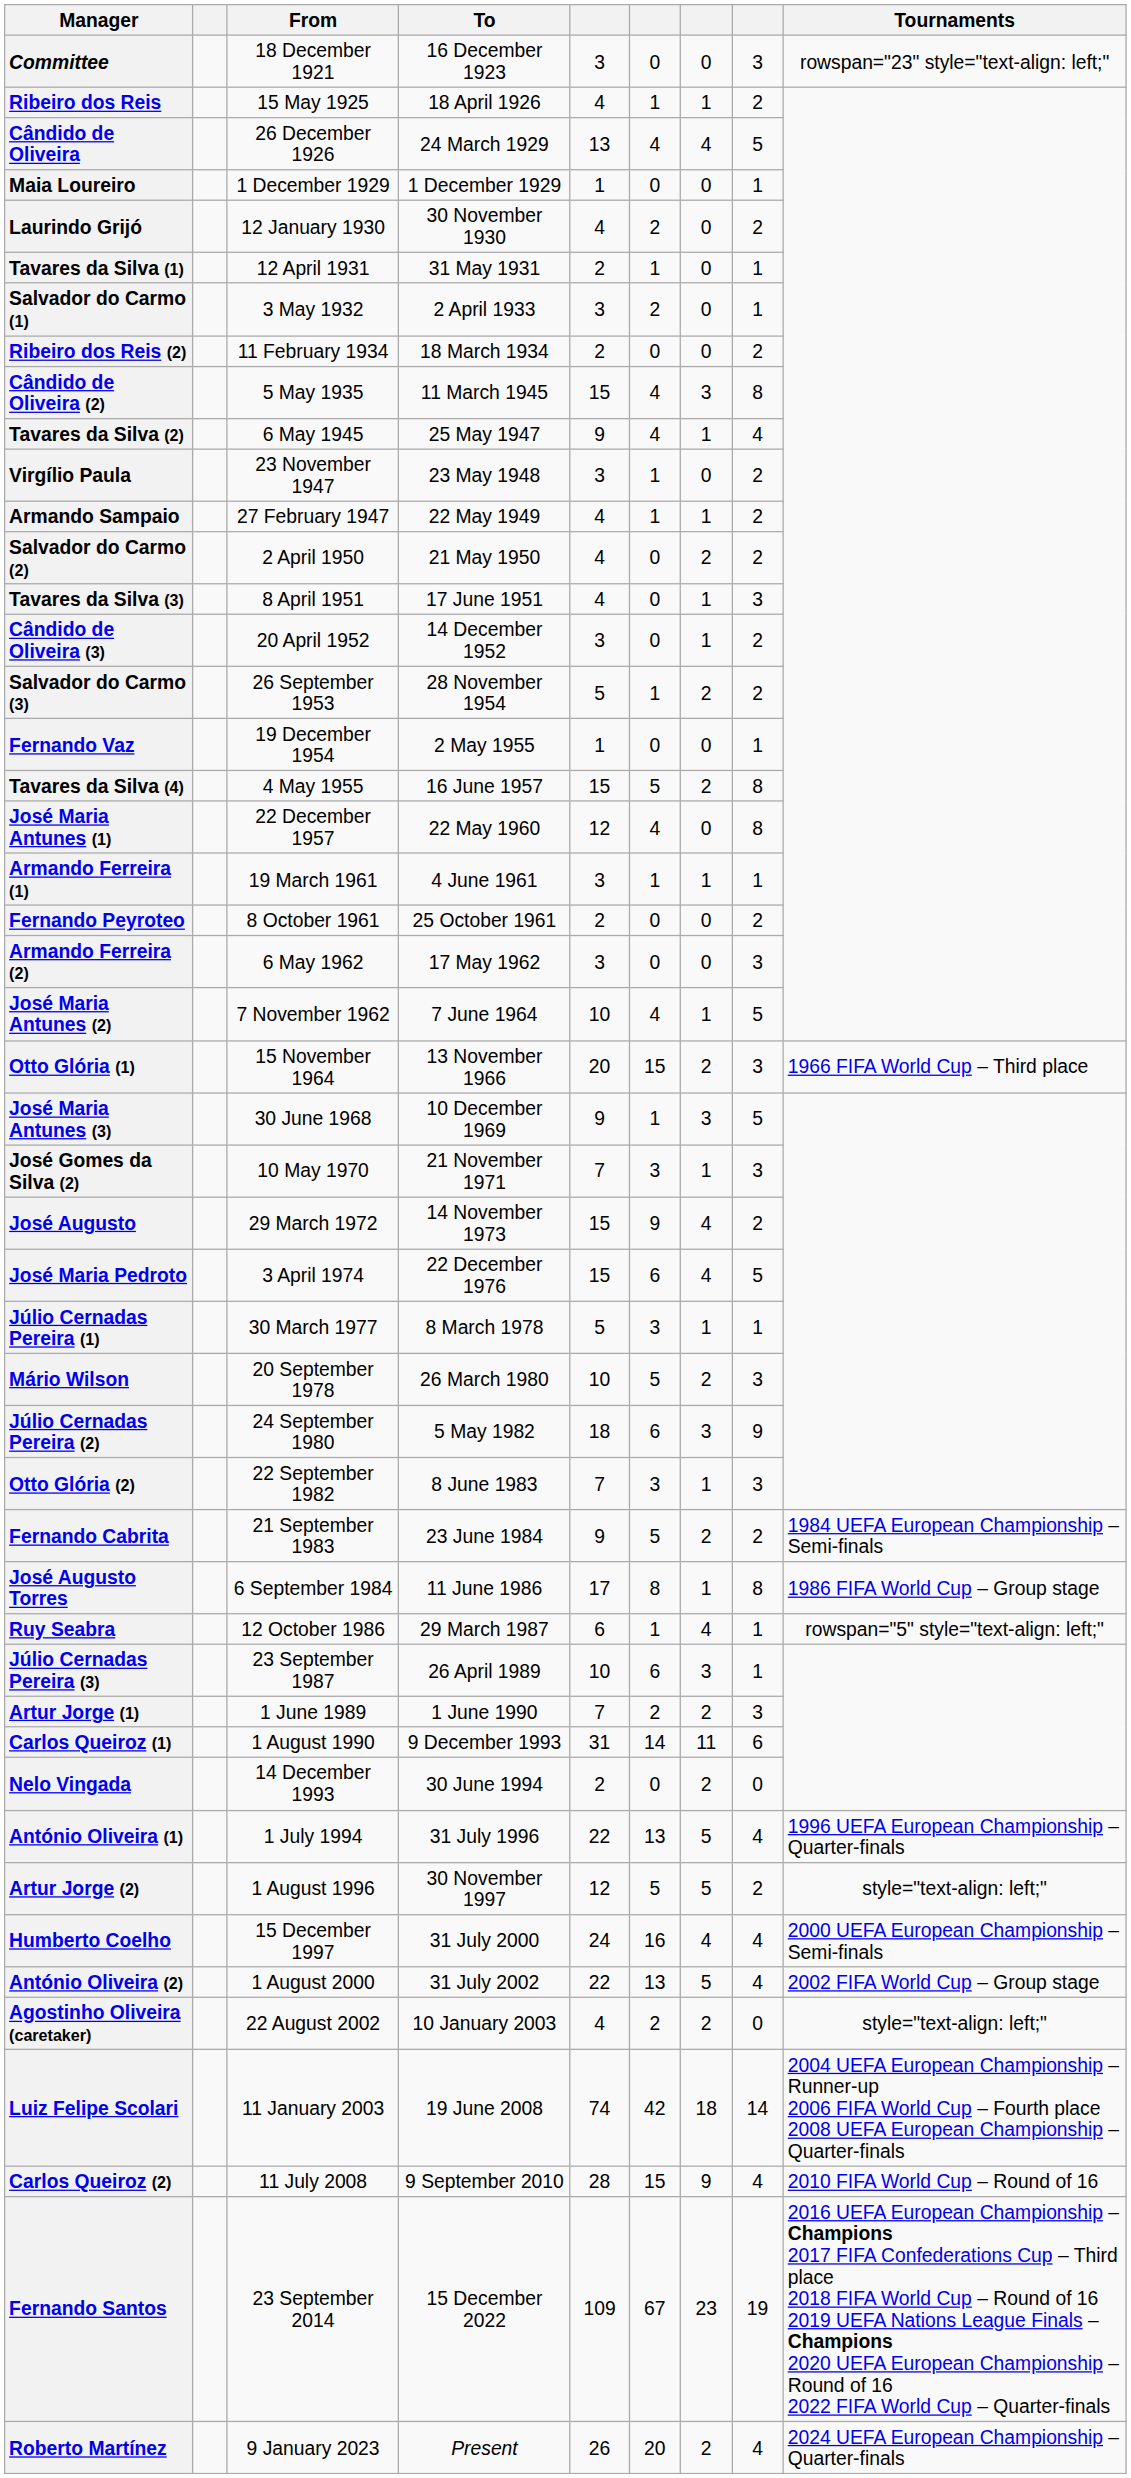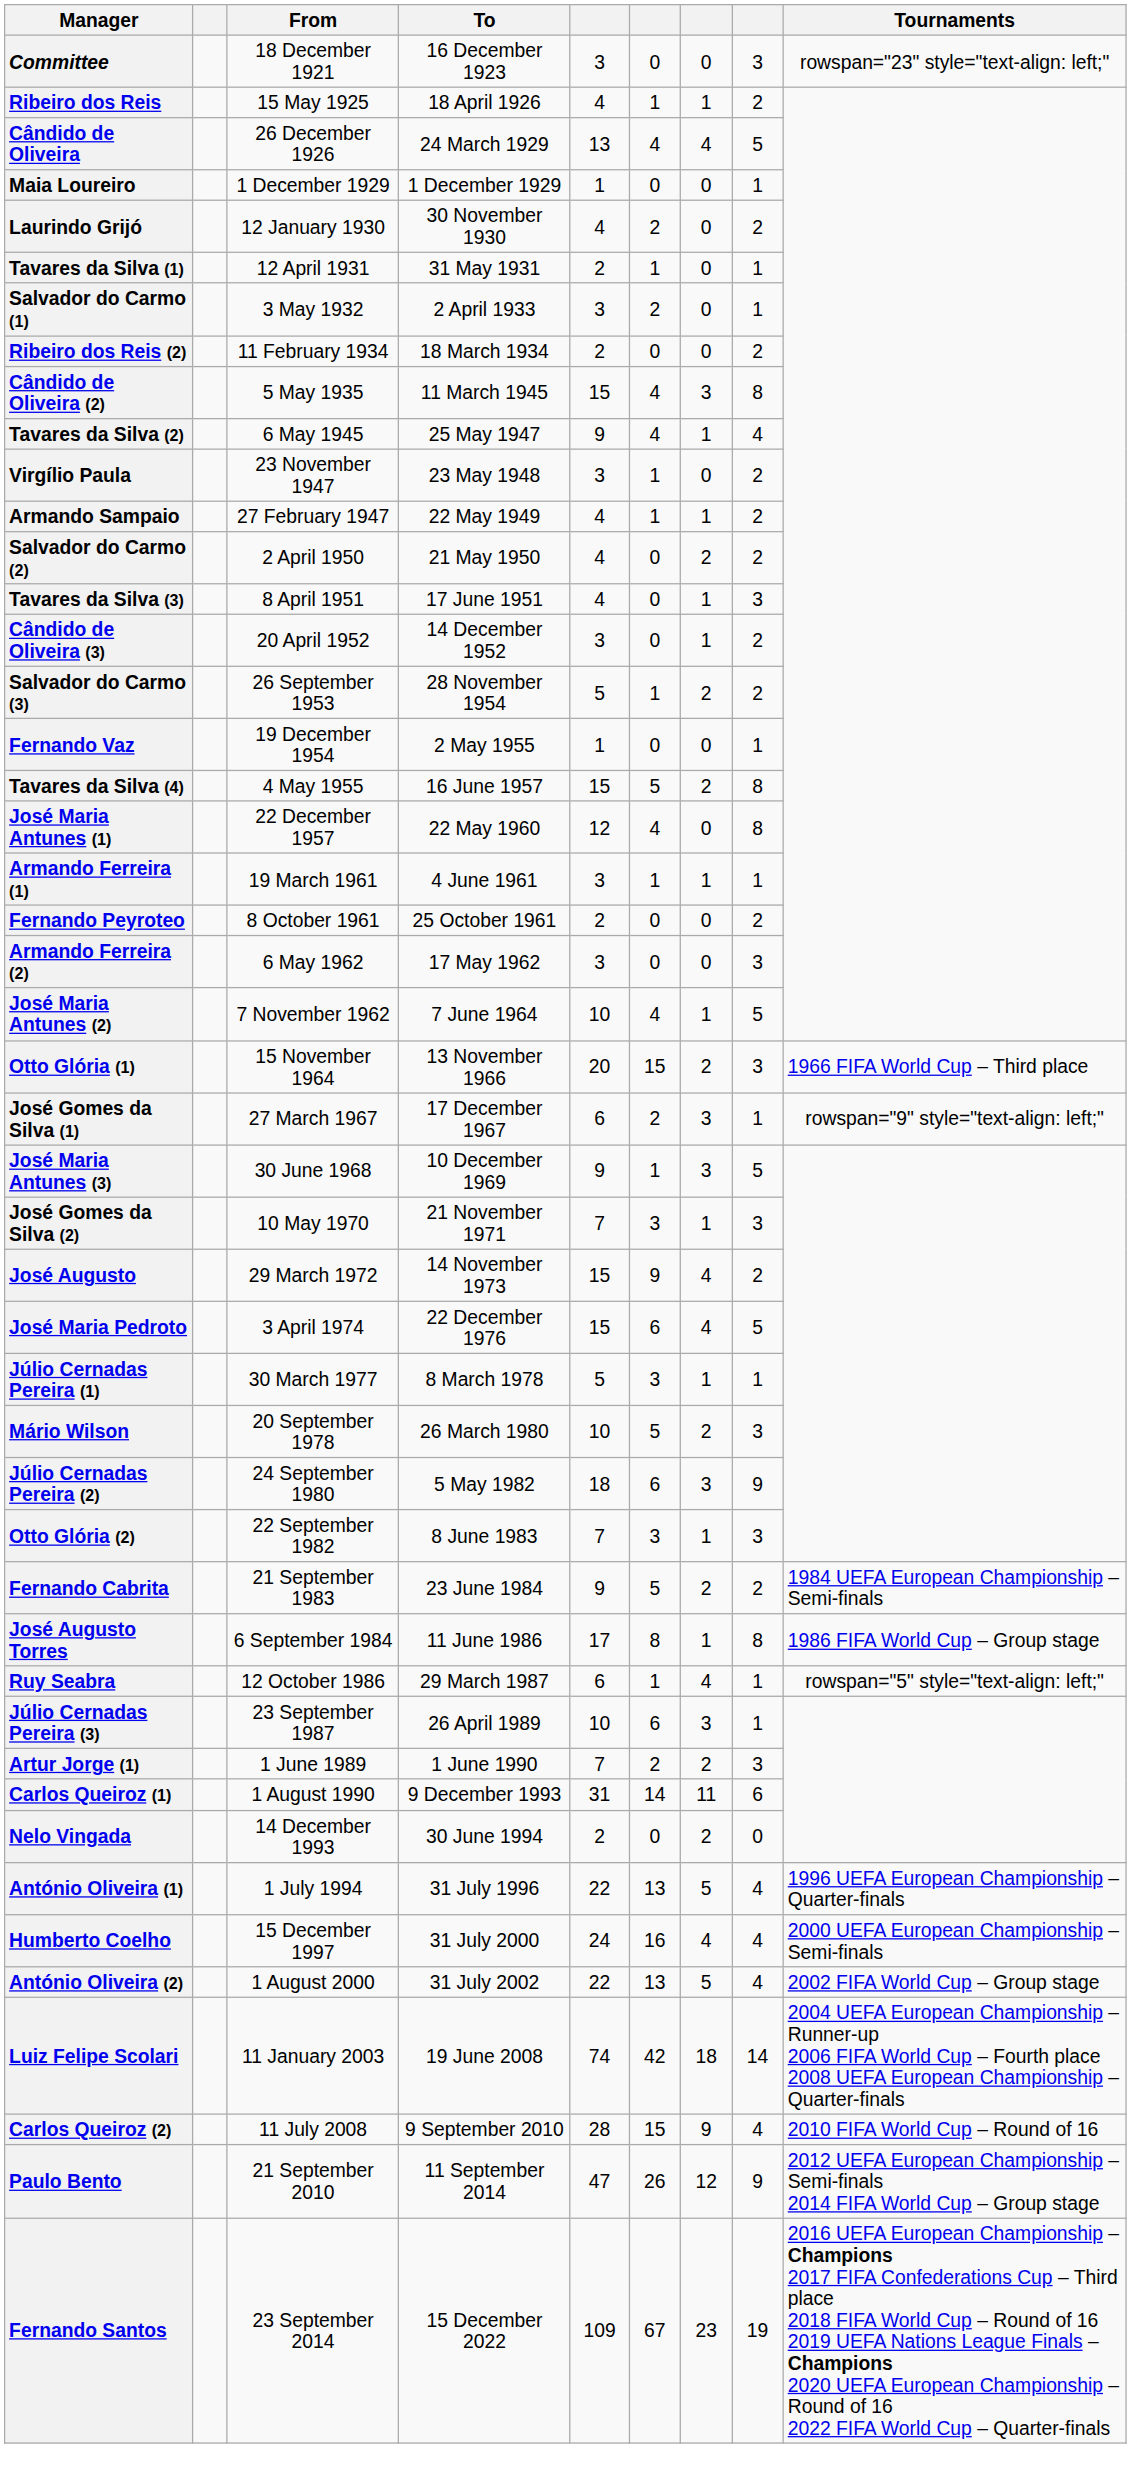 <table class="wikitable plainrowheaders" style="font-size:95%; text-align:center;" width="100%" "class="wikitable">
 <tr>
 <th width="11%">Manager</th>
 <th width="2%"></th>
 <th width="10%">From</th>
 <th width="10%">To</th>
 <th width="3%"></th>
 <th width="3%"></th>
 <th width="3%"></th>
 <th width="3%"></th>
 <th width="20%">Tournaments</th>
 </tr>
 <tr>
 <th scope="row" style="text-align: left;"><em>Committee</em></th>
 <td></td>
 <td>18 December 1921</td>
 <td>16 December 1923</td>
 <td>3</td>
 <td>0</td>
 <td>0</td>
 <td>3</td>
 <td>rowspan="23" style="text-align: left;" </td>
 </tr>
 <tr>
 <th scope="row" style="text-align: left;"><a href='#'>Ribeiro dos Reis</a></th>
 <td></td>
 <td>15 May 1925</td>
 <td>18 April 1926</td>
 <td>4</td>
 <td>1</td>
 <td>1</td>
 <td>2</td>
 </tr>
 <tr>
 <th scope="row" style="text-align: left;"><a href='#'>Cândido de Oliveira</a></th>
 <td></td>
 <td>26 December 1926</td>
 <td>24 March 1929</td>
 <td>13</td>
 <td>4</td>
 <td>4</td>
 <td>5</td>
 </tr>
 <tr>
 <th scope="row" style="text-align: left;">Maia Loureiro</th>
 <td></td>
 <td>1 December 1929</td>
 <td>1 December 1929</td>
 <td>1</td>
 <td>0</td>
 <td>0</td>
 <td>1</td>
 </tr>
 <tr>
 <th scope="row" style="text-align: left;">Laurindo Grijó</th>
 <td></td>
 <td>12 January 1930</td>
 <td>30 November 1930</td>
 <td>4</td>
 <td>2</td>
 <td>0</td>
 <td>2</td>
 </tr>
 <tr>
 <th scope="row" style="text-align: left;">Tavares da Silva <small>(1)</small></th>
 <td></td>
 <td>12 April 1931</td>
 <td>31 May 1931</td>
 <td>2</td>
 <td>1</td>
 <td>0</td>
 <td>1</td>
 </tr>
 <tr>
 <th scope="row" style="text-align: left;">Salvador do Carmo <small>(1)</small></th>
 <td></td>
 <td>3 May 1932</td>
 <td>2 April 1933</td>
 <td>3</td>
 <td>2</td>
 <td>0</td>
 <td>1</td>
 </tr>
 <tr>
 <th scope="row" style="text-align: left;"><a href='#'>Ribeiro dos Reis</a> <small>(2)</small></th>
 <td></td>
 <td>11 February 1934</td>
 <td>18 March 1934</td>
 <td>2</td>
 <td>0</td>
 <td>0</td>
 <td>2</td>
 </tr>
 <tr>
 <th scope="row" style="text-align: left;"><a href='#'>Cândido de Oliveira</a> <small>(2)</small></th>
 <td></td>
 <td>5 May 1935</td>
 <td>11 March 1945</td>
 <td>15</td>
 <td>4</td>
 <td>3</td>
 <td>8</td>
 </tr>
 <tr>
 <th scope="row" style="text-align: left;">Tavares da Silva <small>(2)</small></th>
 <td></td>
 <td>6 May 1945</td>
 <td>25 May 1947</td>
 <td>9</td>
 <td>4</td>
 <td>1</td>
 <td>4</td>
 </tr>
 <tr>
 <th scope="row" style="text-align: left;">Virgílio Paula</th>
 <td></td>
 <td>23 November 1947</td>
 <td>23 May 1948</td>
 <td>3</td>
 <td>1</td>
 <td>0</td>
 <td>2</td>
 </tr>
 <tr>
 <th scope="row" style="text-align: left;">Armando Sampaio</th>
 <td></td>
 <td>27 February 1947</td>
 <td>22 May 1949</td>
 <td>4</td>
 <td>1</td>
 <td>1</td>
 <td>2</td>
 </tr>
 <tr>
 <th scope="row" style="text-align: left;">Salvador do Carmo <small>(2)</small></th>
 <td></td>
 <td>2 April 1950</td>
 <td>21 May 1950</td>
 <td>4</td>
 <td>0</td>
 <td>2</td>
 <td>2</td>
 </tr>
 <tr>
 <th scope="row" style="text-align: left;">Tavares da Silva <small>(3)</small></th>
 <td></td>
 <td>8 April 1951</td>
 <td>17 June 1951</td>
 <td>4</td>
 <td>0</td>
 <td>1</td>
 <td>3</td>
 </tr>
 <tr>
 <th scope="row" style="text-align: left;"><a href='#'>Cândido de Oliveira</a> <small>(3)</small></th>
 <td></td>
 <td>20 April 1952</td>
 <td>14 December 1952</td>
 <td>3</td>
 <td>0</td>
 <td>1</td>
 <td>2</td>
 </tr>
 <tr>
 <th scope="row" style="text-align: left;">Salvador do Carmo <small>(3)</small></th>
 <td></td>
 <td>26 September 1953</td>
 <td>28 November 1954</td>
 <td>5</td>
 <td>1</td>
 <td>2</td>
 <td>2</td>
 </tr>
 <tr>
 <th scope="row" style="text-align: left;"><a href='#'>Fernando Vaz</a></th>
 <td></td>
 <td>19 December 1954</td>
 <td>2 May 1955</td>
 <td>1</td>
 <td>0</td>
 <td>0</td>
 <td>1</td>
 </tr>
 <tr>
 <th scope="row" style="text-align: left;">Tavares da Silva <small>(4)</small></th>
 <td></td>
 <td>4 May 1955</td>
 <td>16 June 1957</td>
 <td>15</td>
 <td>5</td>
 <td>2</td>
 <td>8</td>
 </tr>
 <tr>
 <th scope="row" style="text-align: left;"><a href='#'>José Maria Antunes</a> <small>(1)</small></th>
 <td></td>
 <td>22 December 1957</td>
 <td>22 May 1960</td>
 <td>12</td>
 <td>4</td>
 <td>0</td>
 <td>8</td>
 </tr>
 <tr>
 <th scope="row" style="text-align: left;"><a href='#'>Armando Ferreira</a> <small>(1)</small></th>
 <td></td>
 <td>19 March 1961</td>
 <td>4 June 1961</td>
 <td>3</td>
 <td>1</td>
 <td>1</td>
 <td>1</td>
 </tr>
 <tr>
 <th scope="row" style="text-align: left;"><a href='#'>Fernando Peyroteo</a></th>
 <td></td>
 <td>8 October 1961</td>
 <td>25 October 1961</td>
 <td>2</td>
 <td>0</td>
 <td>0</td>
 <td>2</td>
 </tr>
 <tr>
 <th scope="row" style="text-align: left;"><a href='#'>Armando Ferreira</a> <small>(2)</small></th>
 <td></td>
 <td>6 May 1962</td>
 <td>17 May 1962</td>
 <td>3</td>
 <td>0</td>
 <td>0</td>
 <td>3</td>
 </tr>
 <tr>
 <th scope="row" style="text-align: left;"><a href='#'>José Maria Antunes</a> <small>(2)</small></th>
 <td></td>
 <td>7 November 1962</td>
 <td>7 June 1964</td>
 <td>10</td>
 <td>4</td>
 <td>1</td>
 <td>5</td>
 </tr>
 <tr>
 <th scope="row" style="text-align: left;"><a href='#'>Otto Glória</a> <small>(1)</small></th>
 <td></td>
 <td>15 November 1964</td>
 <td>13 November 1966</td>
 <td>20</td>
 <td>15</td>
 <td>2</td>
 <td>3</td>
 <td style="text-align: left;"><a href='#'>1966 FIFA World Cup</a> – Third place</td>
 </tr>
 <tr>
+<th scope="row" style="text-align: left;">José Gomes da Silva <small>(1)</small></th>
+<td></td>
+<td>27 March 1967</td>
+<td>17 December 1967</td>
+<td>6</td>
+<td>2</td>
+<td>3</td>
+<td>1</td>
+<td>rowspan="9" style="text-align: left;" </td>
+</tr>
+<tr>
 <th scope="row" style="text-align: left;"><a href='#'>José Maria Antunes</a> <small>(3)</small></th>
 <td></td>
 <td>30 June 1968</td>
 <td>10 December 1969</td>
 <td>9</td>
 <td>1</td>
 <td>3</td>
 <td>5</td>
 </tr>
 <tr>
 <th scope="row" style="text-align: left;">José Gomes da Silva <small>(2)</small></th>
 <td></td>
 <td>10 May 1970</td>
 <td>21 November 1971</td>
 <td>7</td>
 <td>3</td>
 <td>1</td>
 <td>3</td>
 </tr>
 <tr>
 <th scope="row" style="text-align: left;"><a href='#'>José Augusto</a></th>
 <td></td>
 <td>29 March 1972</td>
 <td>14 November 1973</td>
 <td>15</td>
 <td>9</td>
 <td>4</td>
 <td>2</td>
 </tr>
 <tr>
 <th scope="row" style="text-align: left;"><a href='#'>José Maria Pedroto</a></th>
 <td></td>
 <td>3 April 1974</td>
 <td>22 December 1976</td>
 <td>15</td>
 <td>6</td>
 <td>4</td>
 <td>5</td>
 </tr>
 <tr>
 <th scope="row" style="text-align: left;"><a href='#'>Júlio Cernadas Pereira</a> <small>(1)</small></th>
 <td></td>
 <td>30 March 1977</td>
 <td>8 March 1978</td>
 <td>5</td>
 <td>3</td>
 <td>1</td>
 <td>1</td>
 </tr>
 <tr>
 <th scope="row" style="text-align: left;"><a href='#'>Mário Wilson</a></th>
 <td></td>
 <td>20 September 1978</td>
 <td>26 March 1980</td>
 <td>10</td>
 <td>5</td>
 <td>2</td>
 <td>3</td>
 </tr>
 <tr>
 <th scope="row" style="text-align: left;"><a href='#'>Júlio Cernadas Pereira</a> <small>(2)</small></th>
 <td></td>
 <td>24 September 1980</td>
 <td>5 May 1982</td>
 <td>18</td>
 <td>6</td>
 <td>3</td>
 <td>9</td>
 </tr>
 <tr>
 <th scope="row" style="text-align: left;"><a href='#'>Otto Glória</a> <small>(2)</small></th>
 <td></td>
 <td>22 September 1982</td>
 <td>8 June 1983</td>
 <td>7</td>
 <td>3</td>
 <td>1</td>
 <td>3</td>
 </tr>
 <tr>
 <th scope="row" style="text-align: left;"><a href='#'>Fernando Cabrita</a></th>
 <td></td>
 <td>21 September 1983</td>
 <td>23 June 1984</td>
 <td>9</td>
 <td>5</td>
 <td>2</td>
 <td>2</td>
 <td style="text-align: left;"><a href='#'>1984 UEFA European Championship</a> – Semi-finals</td>
 </tr>
 <tr>
 <th scope="row" style="text-align: left;"><a href='#'>José Augusto Torres</a></th>
 <td></td>
 <td>6 September 1984</td>
 <td>11 June 1986</td>
 <td>17</td>
 <td>8</td>
 <td>1</td>
 <td>8</td>
 <td style="text-align: left;"><a href='#'>1986 FIFA World Cup</a> – Group stage</td>
 </tr>
 <tr>
 <th scope="row" style="text-align: left;"><a href='#'>Ruy Seabra</a></th>
 <td></td>
 <td>12 October 1986</td>
 <td>29 March 1987</td>
 <td>6</td>
 <td>1</td>
 <td>4</td>
 <td>1</td>
 <td>rowspan="5" style="text-align: left;" </td>
 </tr>
 <tr>
 <th scope="row" style="text-align: left;"><a href='#'>Júlio Cernadas Pereira</a> <small>(3)</small></th>
 <td></td>
 <td>23 September 1987</td>
 <td>26 April 1989</td>
 <td>10</td>
 <td>6</td>
 <td>3</td>
 <td>1</td>
 </tr>
 <tr>
 <th scope="row" style="text-align: left;"><a href='#'>Artur Jorge</a> <small>(1)</small></th>
 <td></td>
 <td>1 June 1989</td>
 <td>1 June 1990</td>
 <td>7</td>
 <td>2</td>
 <td>2</td>
 <td>3</td>
 </tr>
 <tr>
 <th scope="row" style="text-align: left;"><a href='#'>Carlos Queiroz</a> <small>(1)</small></th>
 <td></td>
 <td>1 August 1990</td>
 <td>9 December 1993</td>
 <td>31</td>
 <td>14</td>
 <td>11</td>
 <td>6</td>
 </tr>
 <tr>
 <th scope="row" style="text-align: left;"><a href='#'>Nelo Vingada</a></th>
 <td></td>
 <td>14 December 1993</td>
 <td>30 June 1994</td>
 <td>2</td>
 <td>0</td>
 <td>2</td>
 <td>0</td>
 </tr>
 <tr>
 <th scope="row" style="text-align: left;"><a href='#'>António Oliveira</a> <small>(1)</small></th>
 <td></td>
 <td>1 July 1994</td>
 <td>31 July 1996</td>
 <td>22</td>
 <td>13</td>
 <td>5</td>
 <td>4</td>
 <td style="text-align: left;"><a href='#'>1996 UEFA European Championship</a> – Quarter-finals</td>
 </tr>
 <tr>
-<th scope="row" style="text-align: left;"><a href='#'>Artur Jorge</a> <small>(2)</small></th>
-<td></td>
-<td>1 August 1996</td>
-<td>30 November 1997</td>
-<td>12</td>
-<td>5</td>
-<td>5</td>
-<td>2</td>
-<td>style="text-align: left;" </td>
-</tr>
-<tr>
 <th scope="row" style="text-align: left;"><a href='#'>Humberto Coelho</a></th>
 <td></td>
 <td>15 December 1997</td>
 <td>31 July 2000</td>
 <td>24</td>
 <td>16</td>
 <td>4</td>
 <td>4</td>
 <td style="text-align: left;"><a href='#'>2000 UEFA European Championship</a> – Semi-finals</td>
 </tr>
 <tr>
 <th scope="row" style="text-align: left;"><a href='#'>António Oliveira</a> <small>(2)</small></th>
 <td></td>
 <td>1 August 2000</td>
 <td>31 July 2002</td>
 <td>22</td>
 <td>13</td>
 <td>5</td>
 <td>4</td>
 <td style="text-align: left;"><a href='#'>2002 FIFA World Cup</a> – Group stage</td>
-</tr>
-<tr>
-<th scope="row" style="text-align: left;"><a href='#'>Agostinho Oliveira</a> <small>(caretaker)</small></th>
-<td></td>
-<td>22 August 2002</td>
-<td>10 January 2003</td>
-<td>4</td>
-<td>2</td>
-<td>2</td>
-<td>0</td>
-<td>style="text-align: left;" </td>
 </tr>
 <tr>
 <th scope="row" style="text-align: left;"><a href='#'>Luiz Felipe Scolari</a></th>
 <td></td>
 <td>11 January 2003</td>
 <td>19 June 2008</td>
 <td>74</td>
 <td>42</td>
 <td>18</td>
 <td>14</td>
 <td style="text-align: left;"><a href='#'>2004 UEFA European Championship</a> – Runner-up<br><a href='#'>2006 FIFA World Cup</a> – Fourth place<br><a href='#'>2008 UEFA European Championship</a> – Quarter-finals</td>
 </tr>
 <tr>
 <th scope="row" style="text-align: left;"><a href='#'>Carlos Queiroz</a> <small>(2)</small></th>
 <td></td>
 <td>11 July 2008</td>
 <td>9 September 2010</td>
 <td>28</td>
 <td>15</td>
 <td>9</td>
 <td>4</td>
 <td style="text-align: left;"><a href='#'>2010 FIFA World Cup</a> – Round of 16</td>
 </tr>
 <tr>
+<th scope="row" style="text-align: left;"><a href='#'>Paulo Bento</a></th>
+<td></td>
+<td>21 September 2010</td>
+<td>11 September 2014</td>
+<td>47</td>
+<td>26</td>
+<td>12</td>
+<td>9</td>
+<td style="text-align: left;"><a href='#'>2012 UEFA European Championship</a> – Semi-finals<br><a href='#'>2014 FIFA World Cup</a> – Group stage</td>
+</tr>
+<tr>
 <th scope="row" style="text-align: left;"><a href='#'>Fernando Santos</a></th>
 <td></td>
 <td>23 September 2014</td>
 <td>15 December 2022</td>
 <td>109</td>
 <td>67</td>
 <td>23</td>
 <td>19</td>
 <td style="text-align: left;"><a href='#'>2016 UEFA European Championship</a> – <strong>Champions</strong><br><a href='#'>2017 FIFA Confederations Cup</a> – Third place<br><a href='#'>2018 FIFA World Cup</a> – Round of 16<br><a href='#'>2019 UEFA Nations League Finals</a> – <strong>Champions</strong><br><a href='#'>2020 UEFA European Championship</a> – Round of 16<br><a href='#'>2022 FIFA World Cup</a> – Quarter-finals</td>
 </tr>
-<tr>
-<th scope="row" style="text-align: left;"><a href='#'>Roberto Martínez</a></th>
-<td></td>
-<td>9 January 2023</td>
-<td><em>Present</em></td>
-<td>26</td>
-<td>20</td>
-<td>2</td>
-<td>4</td>
-<td style="text-align: left;"><a href='#'>2024 UEFA European Championship</a> – Quarter-finals</td>
-</tr>
 </table>
